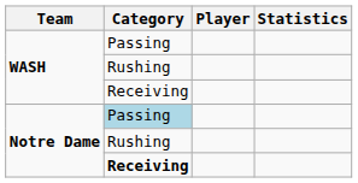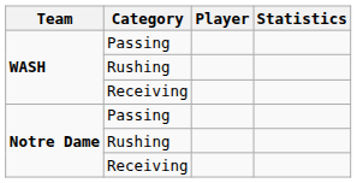 <table class="wikitable" style="float: right;">
 <tr>
 <th>Team</th>
 <th>Category</th>
 <th>Player</th>
 <th>Statistics</th>
 </tr>
 <tr>
 <td rowspan=3><strong>WASH</strong></td>
 <td>Passing</td>
 <td></td>
 <td></td>
 </tr>
 <tr>
 <td>Rushing</td>
 <td></td>
 <td></td>
 </tr>
 <tr>
 <td>Receiving</td>
 <td></td>
 <td></td>
 </tr>
 <tr>
 <td rowspan=3><strong>Notre Dame</strong></td>
-<td style="background: lightblue;">Passing</td>
+<td>Passing</td>
 <td></td>
 <td></td>
 </tr>
 <tr>
 <td>Rushing</td>
 <td></td>
 <td></td>
 </tr>
 <tr>
-<td><strong>Receiving</strong></td>
+<td>Receiving</td>
 <td></td>
 <td></td>
 </tr>
 </table>
